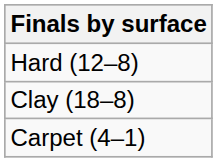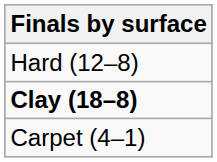 <table class=wikitable style=font-size:90%>
 <tr>
 <th>Finals by surface</th>
 </tr>
 <tr>
 <td>Hard (12–8)</td>
 </tr>
 <tr>
-<td>Clay (18–8)</td>
+<td><strong>Clay (18–8)</strong></td>
 </tr>
 <tr>
 <td>Carpet (4–1)</td>
 </tr>
 </table>
